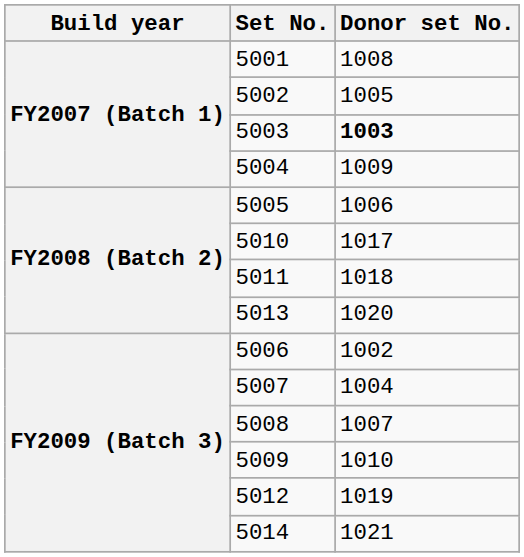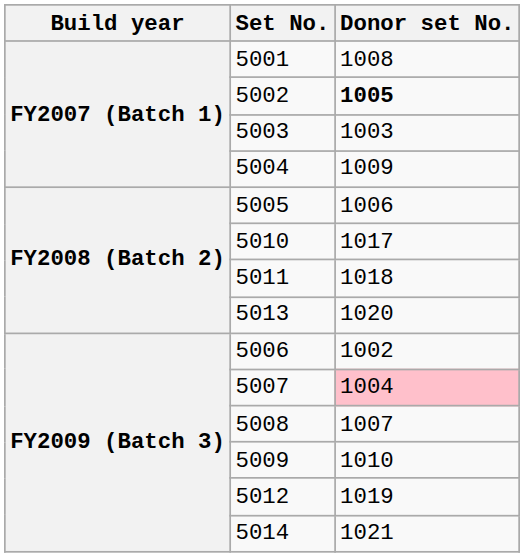 <table class="wikitable">
 <tr>
 <th>Build year</th>
 <th>Set No.</th>
 <th>Donor set No.</th>
 </tr>
 <tr>
 <th rowspan="4">FY2007 (Batch 1)</th>
 <td>5001</td>
 <td>1008</td>
 </tr>
 <tr>
 <td>5002</td>
-<td>1005</td>
+<td><strong>1005</strong></td>
 </tr>
 <tr>
 <td>5003</td>
-<td><strong>1003</strong></td>
+<td>1003</td>
 </tr>
 <tr>
 <td>5004</td>
 <td>1009</td>
 </tr>
 <tr>
 <th rowspan="4">FY2008 (Batch 2)</th>
 <td>5005</td>
 <td>1006</td>
 </tr>
 <tr>
 <td>5010</td>
 <td>1017</td>
 </tr>
 <tr>
 <td>5011</td>
 <td>1018</td>
 </tr>
 <tr>
 <td>5013</td>
 <td>1020</td>
 </tr>
 <tr>
 <th rowspan="6">FY2009 (Batch 3)</th>
 <td>5006</td>
 <td>1002</td>
 </tr>
 <tr>
 <td>5007</td>
-<td>1004</td>
+<td style="background: pink;">1004</td>
 </tr>
 <tr>
 <td>5008</td>
 <td>1007</td>
 </tr>
 <tr>
 <td>5009</td>
 <td>1010</td>
 </tr>
 <tr>
 <td>5012</td>
 <td>1019</td>
 </tr>
 <tr>
 <td>5014</td>
 <td>1021</td>
 </tr>
 </table>
